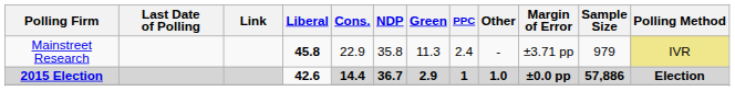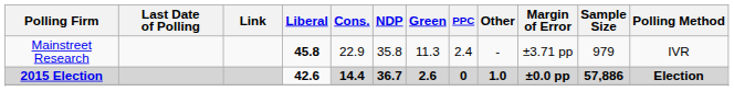 <table class="wikitable sortable" style="text-align:center;font-size:90%;line-height:14px;">
 <tr style="background:#e9e9e9;">
 <th style="width:120px">Polling Firm</th>
 <th style="width:110px">Last Date<br>of Polling</th>
 <th style="width:60px" class="unsortable">Link</th>
 <th style="background-color:"><strong><a href='#'>Liberal</a></strong></th>
 <th style="background-color:"><strong><a href='#'>Cons.</a></strong></th>
 <th style="background-color:"><strong><a href='#'>NDP</a></strong></th>
 <th style="background-color:"><strong><a href='#'>Green</a></strong></th>
 <th style="background-color:"><strong><small><a href='#'>PPC</a></small></strong></th>
 <th style="background-color:"><strong>Other</strong></th>
 <th style="width:60px;" class=unsortable>Margin<br>of Error</th>
 <th style="width:50px;" class=unsortable>Sample<br>Size</th>
 <th class=unsortable>Polling Method</th>
 </tr>
 <tr>
 <td><a href='#'>Mainstreet Research</a></td>
 <td></td>
 <td></td>
 <td><strong>45.8</strong></td>
 <td>22.9</td>
 <td>35.8</td>
 <td>11.3</td>
 <td>2.4</td>
 <td>-</td>
 <td>±3.71 pp</td>
 <td>979</td>
-<td style="background: khaki;">IVR</td>
+<td>IVR</td>
 </tr>
 <tr>
 <td style="background:#D5D5D5"><strong><a href='#'>2015 Election</a></strong></td>
 <td style="background:#D5D5D5"><strong></strong></td>
 <td style="background:#D5D5D5"></td>
 <td><strong>42.6</strong></td>
 <td style="background:#D5D5D5"><strong>14.4</strong></td>
 <td style="background:#D5D5D5"><strong>36.7</strong></td>
-<td style="background:#D5D5D5"><strong>2.9</strong></td>
-<td style="background:#D5D5D5"><strong>1</strong></td>
+<td style="background:#D5D5D5"><strong>2.6</strong></td>
+<td style="background:#D5D5D5"><strong>0</strong></td>
 <td style="background:#D5D5D5"><strong>1.0</strong></td>
 <td style="background:#D5D5D5"><strong>±0.0 pp</strong></td>
 <td style="background:#D5D5D5"><strong>57,886</strong></td>
 <td style="background:#D5D5D5"><strong>Election</strong></td>
 </tr>
 <tr>
 </tr>
 <tr>
 </tr>
 </table>
